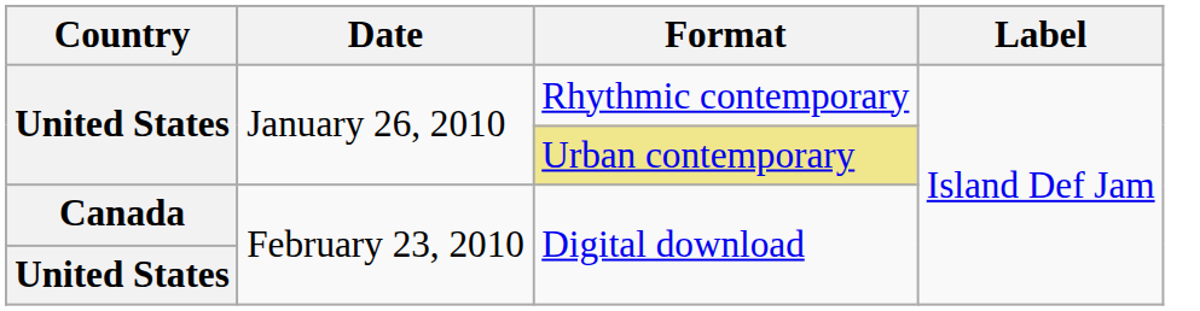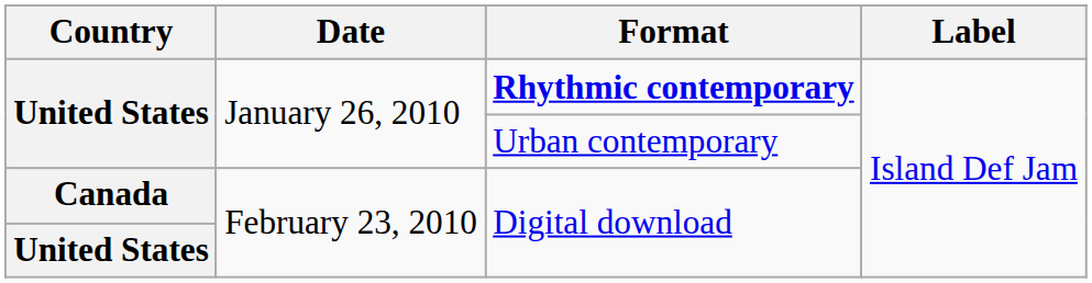 <table class="wikitable plainrowheaders">
 <tr>
 <th scope="col">Country</th>
 <th scope="col">Date</th>
 <th scope="col">Format</th>
 <th scope="col">Label</th>
 </tr>
 <tr>
 <th scope="row" rowspan="2">United States</th>
 <td rowspan="2">January 26, 2010</td>
-<td><a href='#'>Rhythmic contemporary</a></td>
+<td><strong><a href='#'>Rhythmic contemporary</a></strong></td>
 <td rowspan="4"><a href='#'>Island Def Jam</a></td>
 </tr>
 <tr>
-<td style="background: khaki;"><a href='#'>Urban contemporary</a></td>
+<td><a href='#'>Urban contemporary</a></td>
 </tr>
 <tr>
 <th scope="row">Canada</th>
 <td rowspan="2">February 23, 2010</td>
 <td rowspan="2"><a href='#'>Digital download</a></td>
 </tr>
 <tr>
 <th scope="row">United States</th>
 </tr>
 </table>
